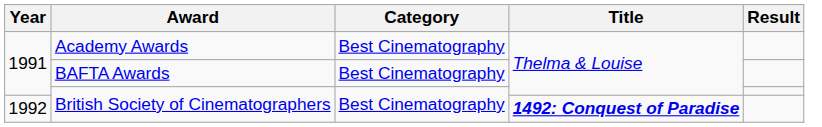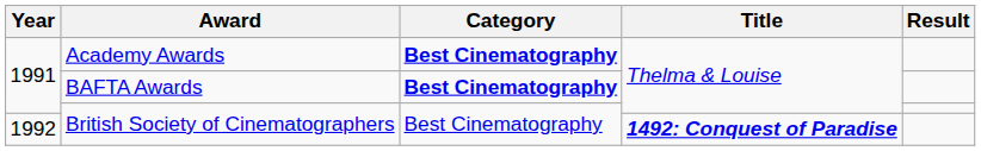 <table class="wikitable">
 <tr>
 <th>Year</th>
 <th>Award</th>
 <th>Category</th>
 <th>Title</th>
 <th>Result</th>
 </tr>
 <tr>
 <td rowspan=3>1991</td>
 <td><a href='#'>Academy Awards</a></td>
-<td><a href='#'>Best Cinematography</a></td>
+<td><strong><a href='#'>Best Cinematography</a></strong></td>
 <td rowspan=3><em><a href='#'>Thelma & Louise</a></em></td>
 <td></td>
 </tr>
 <tr>
 <td><a href='#'>BAFTA Awards</a></td>
-<td><a href='#'>Best Cinematography</a></td>
+<td><strong><a href='#'>Best Cinematography</a></strong></td>
 <td></td>
 </tr>
 <tr>
 <td rowspan=2><a href='#'>British Society of Cinematographers</a></td>
 <td rowspan=2><a href='#'>Best Cinematography</a></td>
 <td></td>
 </tr>
 <tr>
 <td>1992</td>
 <td><strong><em><a href='#'>1492: Conquest of Paradise</a></em></strong></td>
 <td></td>
 </tr>
 </table>
